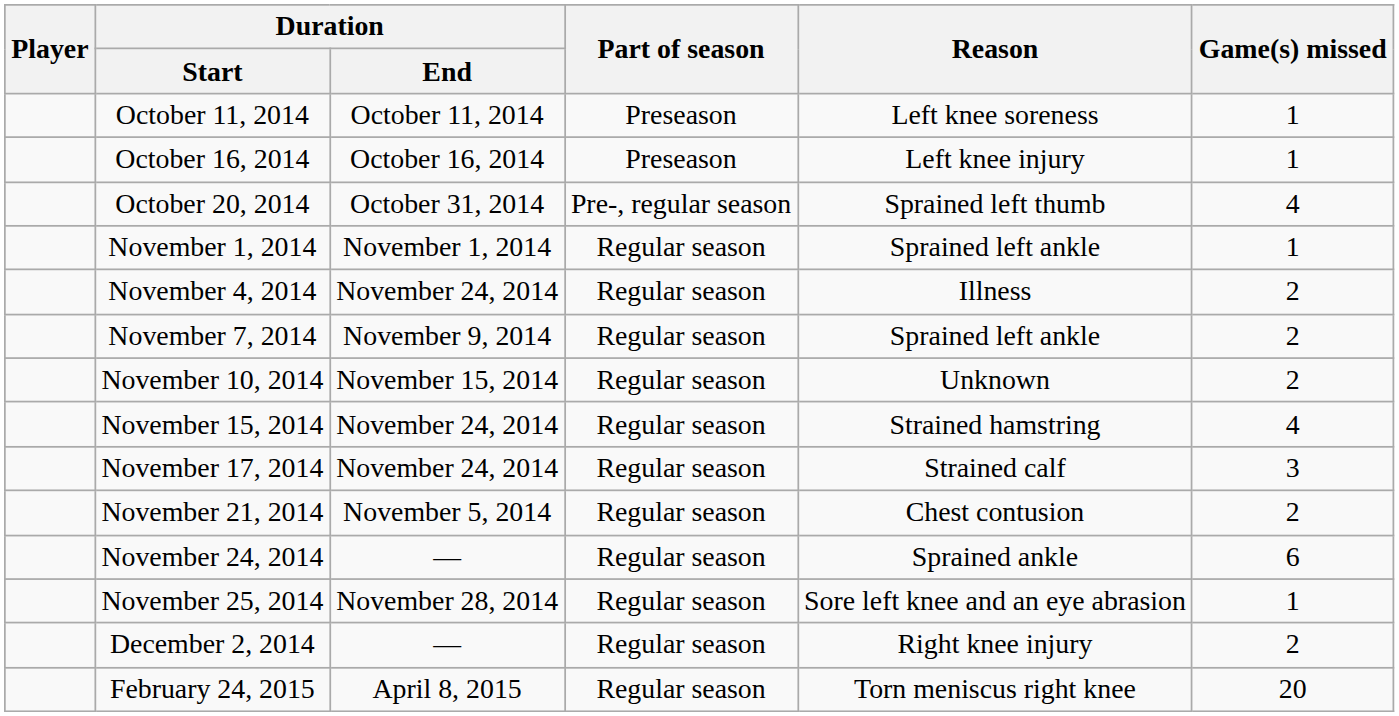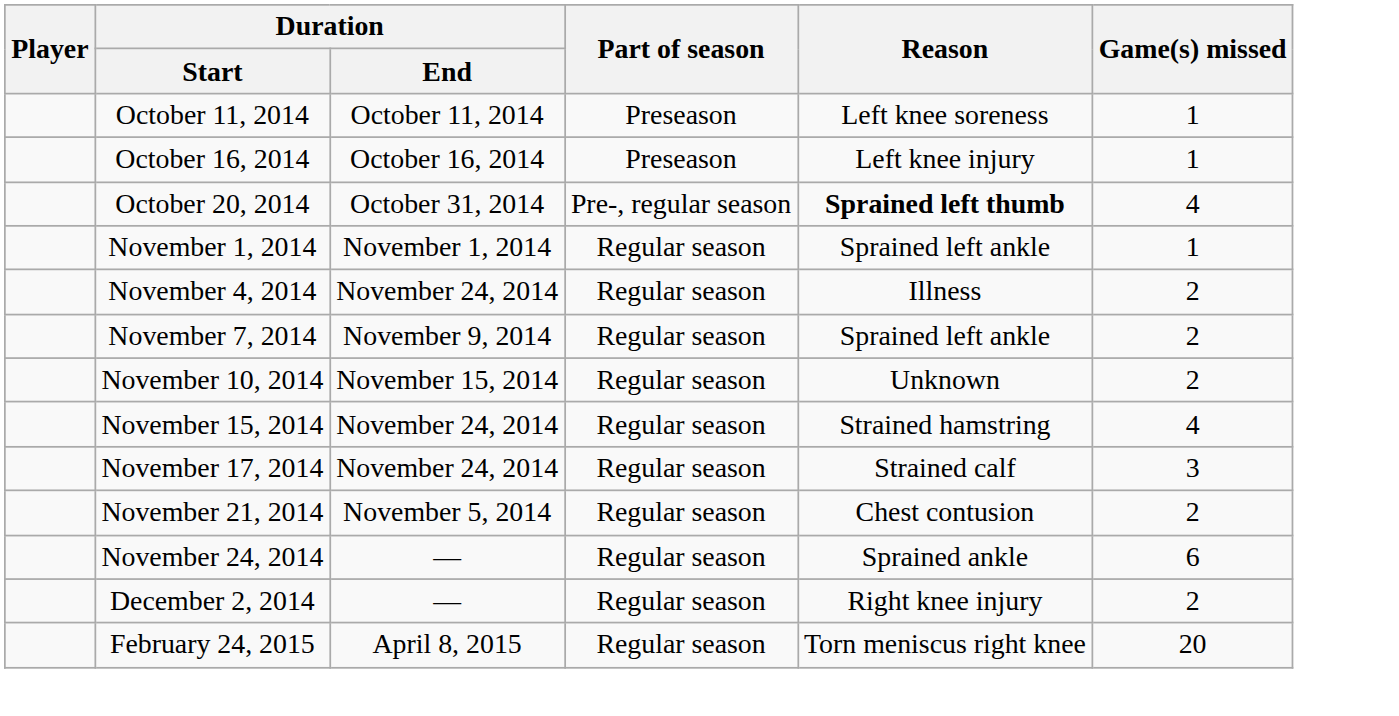 <table class="wikitable sortable collapsible collapsed" style="text-align:center;">
 <tr>
 <th rowspan="2">Player</th>
 <th colspan="2">Duration</th>
 <th rowspan="2">Part of season</th>
 <th rowspan="2">Reason</th>
 <th rowspan="2">Game(s) missed</th>
 </tr>
 <tr>
 <th>Start</th>
 <th>End</th>
 </tr>
 <tr>
 <td></td>
 <td>October 11, 2014</td>
 <td>October 11, 2014</td>
 <td>Preseason</td>
 <td>Left knee soreness</td>
 <td>1</td>
 </tr>
 <tr>
 <td></td>
 <td>October 16, 2014</td>
 <td>October 16, 2014</td>
 <td>Preseason</td>
 <td>Left knee injury</td>
 <td>1</td>
 </tr>
 <tr>
 <td></td>
 <td>October 20, 2014</td>
 <td>October 31, 2014</td>
 <td>Pre-, regular season</td>
-<td>Sprained left thumb</td>
+<td><strong>Sprained left thumb</strong></td>
 <td>4</td>
 </tr>
 <tr>
 <td></td>
 <td>November 1, 2014</td>
 <td>November 1, 2014</td>
 <td>Regular season</td>
 <td>Sprained left ankle</td>
 <td>1</td>
 </tr>
 <tr>
 <td></td>
 <td>November 4, 2014</td>
 <td>November 24, 2014</td>
 <td>Regular season</td>
 <td>Illness</td>
 <td>2</td>
 </tr>
 <tr>
 <td></td>
 <td>November 7, 2014</td>
 <td>November 9, 2014</td>
 <td>Regular season</td>
 <td>Sprained left ankle</td>
 <td>2</td>
 </tr>
 <tr>
 <td></td>
 <td>November 10, 2014</td>
 <td>November 15, 2014</td>
 <td>Regular season</td>
 <td>Unknown</td>
 <td>2</td>
 </tr>
 <tr>
 <td></td>
 <td>November 15, 2014</td>
 <td>November 24, 2014</td>
 <td>Regular season</td>
 <td>Strained hamstring</td>
 <td>4</td>
 </tr>
 <tr>
 <td></td>
 <td>November 17, 2014</td>
 <td>November 24, 2014</td>
 <td>Regular season</td>
 <td>Strained calf</td>
 <td>3</td>
 </tr>
 <tr>
 <td></td>
 <td>November 21, 2014</td>
 <td>November 5, 2014</td>
 <td>Regular season</td>
 <td>Chest contusion</td>
 <td>2</td>
 </tr>
 <tr>
 <td></td>
 <td>November 24, 2014</td>
 <td>—</td>
 <td>Regular season</td>
 <td>Sprained ankle</td>
 <td>6</td>
 </tr>
 <tr>
 <td></td>
-<td>November 25, 2014</td>
-<td>November 28, 2014</td>
-<td>Regular season</td>
-<td>Sore left knee and an eye abrasion</td>
-<td>1</td>
-</tr>
-<tr>
-<td></td>
 <td>December 2, 2014</td>
 <td>—</td>
 <td>Regular season</td>
 <td>Right knee injury</td>
 <td>2</td>
 </tr>
 <tr>
 <td></td>
 <td>February 24, 2015</td>
 <td>April 8, 2015</td>
 <td>Regular season</td>
 <td>Torn meniscus right knee</td>
 <td>20</td>
 </tr>
 </table>
